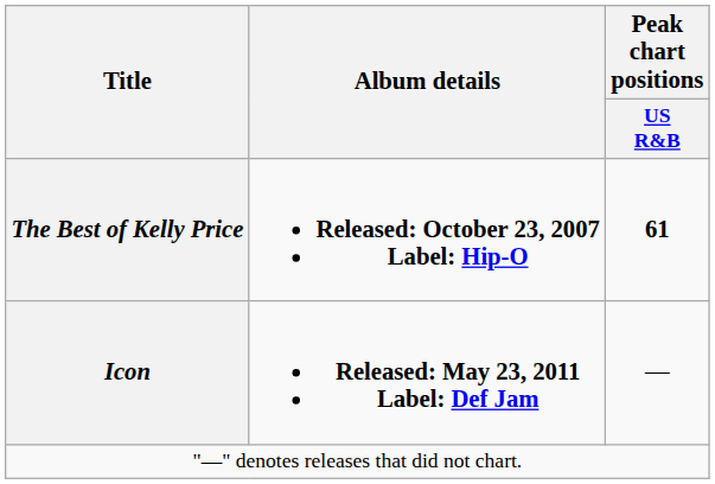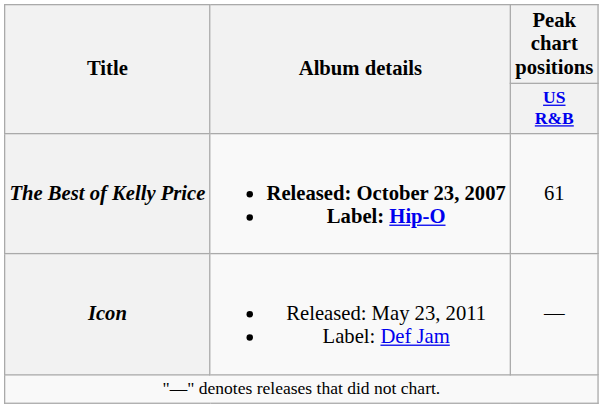 <table class="wikitable plainrowheaders" style="text-align:center;">
 <tr>
 <th scope="col" rowspan="2">Title</th>
 <th scope="col" rowspan="2">Album details</th>
 <th scope="col" colspan="1">Peak chart positions</th>
 </tr>
 <tr>
 <th style="width:3em;font-size:85%"><a href='#'>US<br> R&B</a><br></th>
 </tr>
 <tr>
 <th scope="row"><em>The Best of Kelly Price</em></th>
 <td><strong><br><ul><li>Released: October 23, 2007</li><li>Label: <a href='#'>Hip-O</a></li></ul></strong></td>
-<td align="center"><strong>61</strong></td>
+<td align="center">61</td>
 </tr>
 <tr>
 <th scope="row"><em>Icon</em></th>
-<td><strong><br><ul><li>Released: May 23, 2011</li><li>Label: <a href='#'>Def Jam</a></li></ul></strong></td>
+<td><br><ul><li>Released: May 23, 2011</li><li>Label: <a href='#'>Def Jam</a></li></ul></td>
 <td align="center">—</td>
 </tr>
 <tr>
 <td align="center" colspan="5" style="font-size: 85%">"—" denotes releases that did not chart.</td>
 </tr>
 </table>
